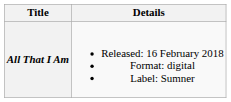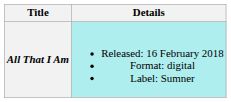 <table class="wikitable plainrowheaders" style="text-align:center;" border="1">
 <tr>
 <th>Title</th>
 <th>Details</th>
 </tr>
 <tr>
 <th scope="row"><em>All That I Am</em></th>
-<td><br><ul><li>Released: 16 February 2018</li><li>Format: digital</li><li>Label: Sumner</li></ul></td>
+<td style="background: paleturquoise;"><br><ul><li>Released: 16 February 2018</li><li>Format: digital</li><li>Label: Sumner</li></ul></td>
 </tr>
 </table>
